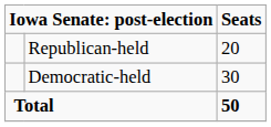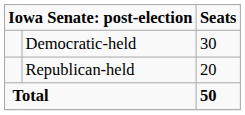 <table class="wikitable">
 <tr>
 <td colspan="2" rowspan="1" align="center" valign="top"><strong>Iowa Senate: post-election</strong></td>
 <td style="vertical-align:top;"><strong>Seats</strong><br></td>
 </tr>
 <tr>
 <td style="background-color:"> </td>
-<td>Republican-held</td>
-<td>20</td>
+<td>Democratic-held</td>
+<td>30</td>
 </tr>
 <tr>
 <td style="background-color:"> </td>
-<td>Democratic-held</td>
-<td>30</td>
+<td>Republican-held</td>
+<td>20</td>
 </tr>
 <tr>
 <td colspan="2" rowspan="1"> <strong>Total</strong><br></td>
 <td><strong>50</strong></td>
 </tr>
 <tr>
 </tr>
 </table>
